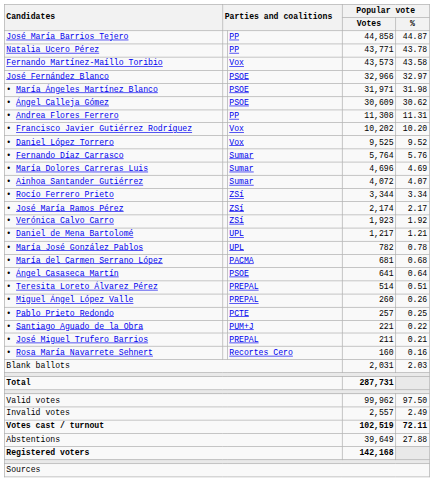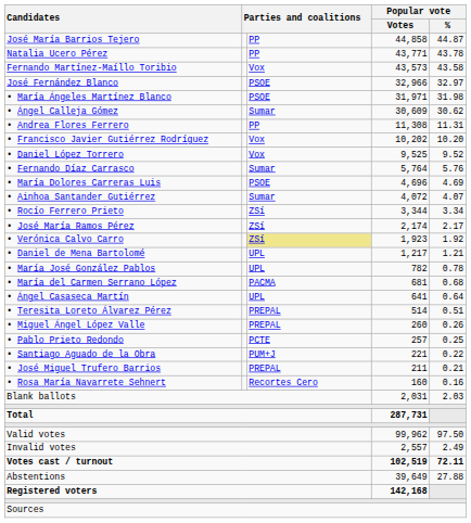 <table class="wikitable" style="text-align:right; font-size:95%;">
 <tr>
 <th style="text-align:left;" rowspan="2" width="325">Candidates</th>
 <th style="text-align:left;" rowspan="2" colspan="2" width="175">Parties and coalitions</th>
 <th colspan="2">Popular vote</th>
 </tr>
 <tr>
 <th width="75">Votes</th>
 <th width="45">%</th>
 </tr>
 <tr>
 <td align="left"> <a href='#'>José María Barrios Tejero</a></td>
 <td width="1" style="color:inherit;background:"></td>
 <td align="left"><a href='#'>PP</a></td>
 <td>44,858</td>
 <td>44.87</td>
 </tr>
 <tr>
 <td align="left"> <a href='#'>Natalia Ucero Pérez</a></td>
 <td width="1" style="color:inherit;background:"></td>
 <td align="left"><a href='#'>PP</a></td>
 <td>43,771</td>
 <td>43.78</td>
 </tr>
 <tr>
 <td align="left"> <a href='#'>Fernando Martínez-Maíllo Toribio</a></td>
 <td width="1" style="color:inherit;background:"></td>
 <td align="left"><a href='#'>Vox</a></td>
 <td>43,573</td>
 <td>43.58</td>
 </tr>
 <tr>
 <td align="left"> <a href='#'>José Fernández Blanco</a></td>
 <td width="1" style="color:inherit;background:"></td>
 <td align="left"><a href='#'>PSOE</a></td>
 <td>32,966</td>
 <td>32.97</td>
 </tr>
 <tr>
 <td align="left">• <a href='#'>María Ángeles Martínez Blanco</a></td>
 <td width="1" style="color:inherit;background:"></td>
 <td align="left"><a href='#'>PSOE</a></td>
 <td>31,971</td>
 <td>31.98</td>
 </tr>
 <tr>
 <td align="left">• <a href='#'>Ángel Calleja Gómez</a></td>
 <td width="1" style="color:inherit;background:"></td>
-<td align="left"><a href='#'>PSOE</a></td>
+<td align="left"><a href='#'>Sumar</a></td>
 <td>30,609</td>
 <td>30.62</td>
 </tr>
 <tr>
 <td align="left">• <a href='#'>Andrea Flores Ferrero</a></td>
 <td width="1" style="color:inherit;background:"></td>
 <td align="left"><a href='#'>PP</a></td>
 <td>11,308</td>
 <td>11.31</td>
 </tr>
 <tr>
 <td align="left">• <a href='#'>Francisco Javier Gutiérrez Rodríguez</a></td>
 <td width="1" style="color:inherit;background:"></td>
 <td align="left"><a href='#'>Vox</a></td>
 <td>10,202</td>
 <td>10.20</td>
 </tr>
 <tr>
 <td align="left">• <a href='#'>Daniel López Torrero</a></td>
 <td width="1" style="color:inherit;background:"></td>
 <td align="left"><a href='#'>Vox</a></td>
 <td>9,525</td>
 <td>9.52</td>
 </tr>
 <tr>
 <td align="left">• <a href='#'>Fernando Díaz Carrasco</a></td>
 <td width="1" style="color:inherit;background:"></td>
 <td align="left"><a href='#'>Sumar</a></td>
 <td>5,764</td>
 <td>5.76</td>
 </tr>
 <tr>
 <td align="left">• <a href='#'>María Dolores Carreras Luis</a></td>
 <td width="1" style="color:inherit;background:"></td>
-<td align="left"><a href='#'>Sumar</a></td>
+<td align="left"><a href='#'>PSOE</a></td>
 <td>4,696</td>
 <td>4.69</td>
 </tr>
 <tr>
 <td align="left">• <a href='#'>Ainhoa Santander Gutiérrez</a></td>
 <td width="1" style="color:inherit;background:"></td>
 <td align="left"><a href='#'>Sumar</a></td>
 <td>4,072</td>
 <td>4.07</td>
 </tr>
 <tr>
 <td align="left">• <a href='#'>Rocío Ferrero Prieto</a></td>
 <td width="1" style="color:inherit;background:"></td>
 <td align="left"><a href='#'>ZSí</a></td>
 <td>3,344</td>
 <td>3.34</td>
 </tr>
 <tr>
 <td align="left">• <a href='#'>José María Ramos Pérez</a></td>
 <td width="1" style="color:inherit;background:"></td>
 <td align="left"><a href='#'>ZSí</a></td>
 <td>2,174</td>
 <td>2.17</td>
 </tr>
 <tr>
 <td align="left">• <a href='#'>Verónica Calvo Carro</a></td>
 <td width="1" style="color:inherit;background:"></td>
-<td align="left"><a href='#'>ZSí</a></td>
+<td align="left" style="background: khaki;"><a href='#'>ZSí</a></td>
 <td>1,923</td>
 <td>1.92</td>
 </tr>
 <tr>
 <td align="left">• <a href='#'>Daniel de Mena Bartolomé</a></td>
 <td width="1" style="color:inherit;background:"></td>
 <td align="left"><a href='#'>UPL</a></td>
 <td>1,217</td>
 <td>1.21</td>
 </tr>
 <tr>
 <td align="left">• <a href='#'>María José González Pablos</a></td>
 <td width="1" style="color:inherit;background:"></td>
 <td align="left"><a href='#'>UPL</a></td>
 <td>782</td>
 <td>0.78</td>
 </tr>
 <tr>
 <td align="left">• <a href='#'>María del Carmen Serrano López</a></td>
 <td width="1" style="color:inherit;background:"></td>
 <td align="left"><a href='#'>PACMA</a></td>
 <td>681</td>
 <td>0.68</td>
 </tr>
 <tr>
 <td align="left">• <a href='#'>Ángel Casaseca Martín</a></td>
 <td width="1" style="color:inherit;background:"></td>
-<td align="left"><a href='#'>PSOE</a></td>
+<td align="left"><a href='#'>UPL</a></td>
 <td>641</td>
 <td>0.64</td>
 </tr>
 <tr>
 <td align="left">• <a href='#'>Teresita Loreto Álvarez Pérez</a></td>
 <td width="1" style="color:inherit;background:"></td>
 <td align="left"><a href='#'>PREPAL</a></td>
 <td>514</td>
 <td>0.51</td>
 </tr>
 <tr>
 <td align="left">• <a href='#'>Miguel Ángel López Valle</a></td>
 <td width="1" style="color:inherit;background:"></td>
 <td align="left"><a href='#'>PREPAL</a></td>
 <td>260</td>
 <td>0.26</td>
 </tr>
 <tr>
 <td align="left">• <a href='#'>Pablo Prieto Redondo</a></td>
 <td width="1" style="color:inherit;background:"></td>
 <td align="left"><a href='#'>PCTE</a></td>
 <td>257</td>
 <td>0.25</td>
 </tr>
 <tr>
 <td align="left">• <a href='#'>Santiago Aguado de la Obra</a></td>
 <td width="1" style="color:inherit;background:"></td>
 <td align="left"><a href='#'>PUM+J</a></td>
 <td>221</td>
 <td>0.22</td>
 </tr>
 <tr>
 <td align="left">• <a href='#'>José Miguel Trufero Barrios</a></td>
 <td width="1" style="color:inherit;background:"></td>
 <td align="left"><a href='#'>PREPAL</a></td>
 <td>211</td>
 <td>0.21</td>
 </tr>
 <tr>
 <td align="left">• <a href='#'>Rosa María Navarrete Sehnert</a></td>
 <td width="1" style="color:inherit;background:"></td>
 <td align="left"><a href='#'>Recortes Cero</a></td>
 <td>160</td>
 <td>0.16</td>
 </tr>
 <tr>
 <td align="left" colspan="3">Blank ballots</td>
 <td>2,031</td>
 <td>2.03</td>
 </tr>
 <tr>
 <td colspan="5" bgcolor="#E9E9E9"></td>
 </tr>
 <tr style="font-weight:bold;">
 <td align="left" colspan="3">Total</td>
 <td>287,731</td>
 <td bgcolor="#E9E9E9"></td>
 </tr>
 <tr>
 <td colspan="5" bgcolor="#E9E9E9"></td>
 </tr>
 <tr>
 <td align="left" colspan="3">Valid votes</td>
 <td>99,962</td>
 <td>97.50</td>
 </tr>
 <tr>
 <td align="left" colspan="3">Invalid votes</td>
 <td>2,557</td>
 <td>2.49</td>
 </tr>
 <tr style="font-weight:bold;">
 <td align="left" colspan="3">Votes cast / turnout</td>
 <td>102,519</td>
 <td>72.11</td>
 </tr>
 <tr>
 <td align="left" colspan="3">Abstentions</td>
 <td>39,649</td>
 <td>27.88</td>
 </tr>
 <tr style="font-weight:bold;">
 <td align="left" colspan="3">Registered voters</td>
 <td>142,168</td>
 <td bgcolor="#E9E9E9"></td>
 </tr>
 <tr>
 <td colspan="5" bgcolor="#E9E9E9"></td>
 </tr>
 <tr>
 <td align="left" colspan="5">Sources</td>
 </tr>
 </table>
